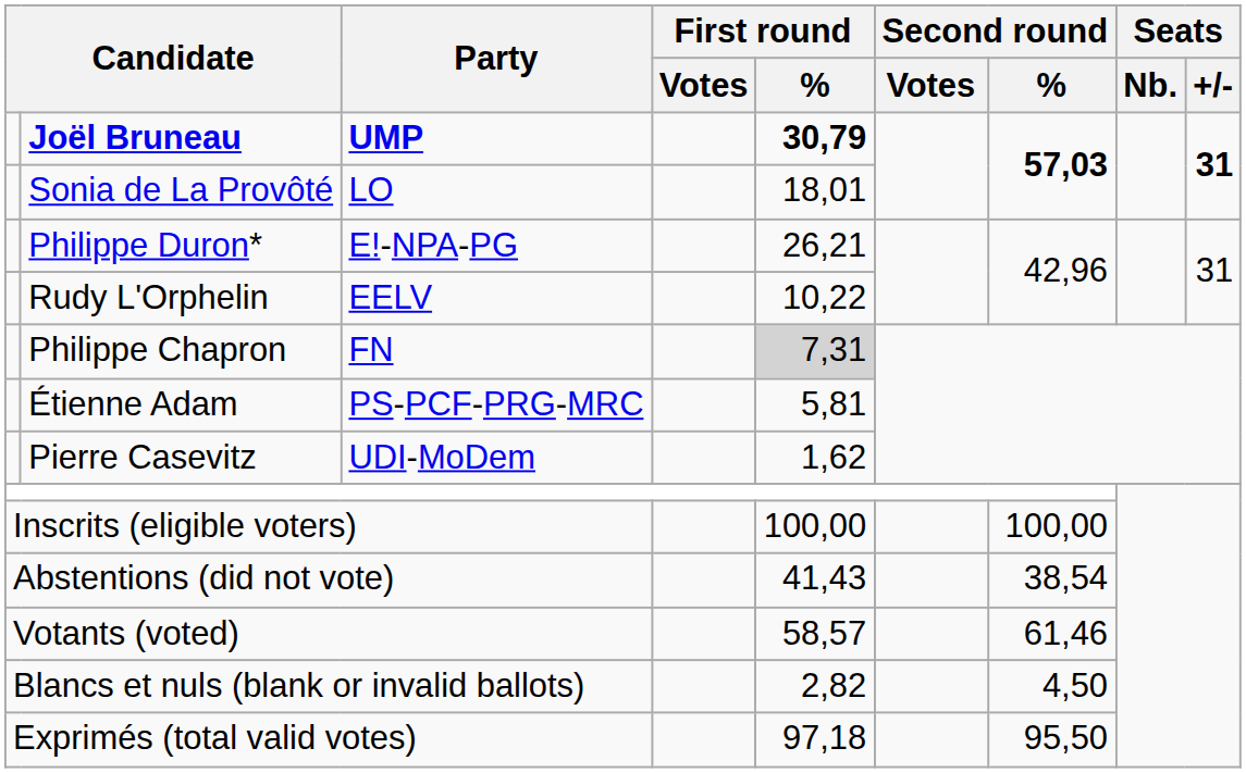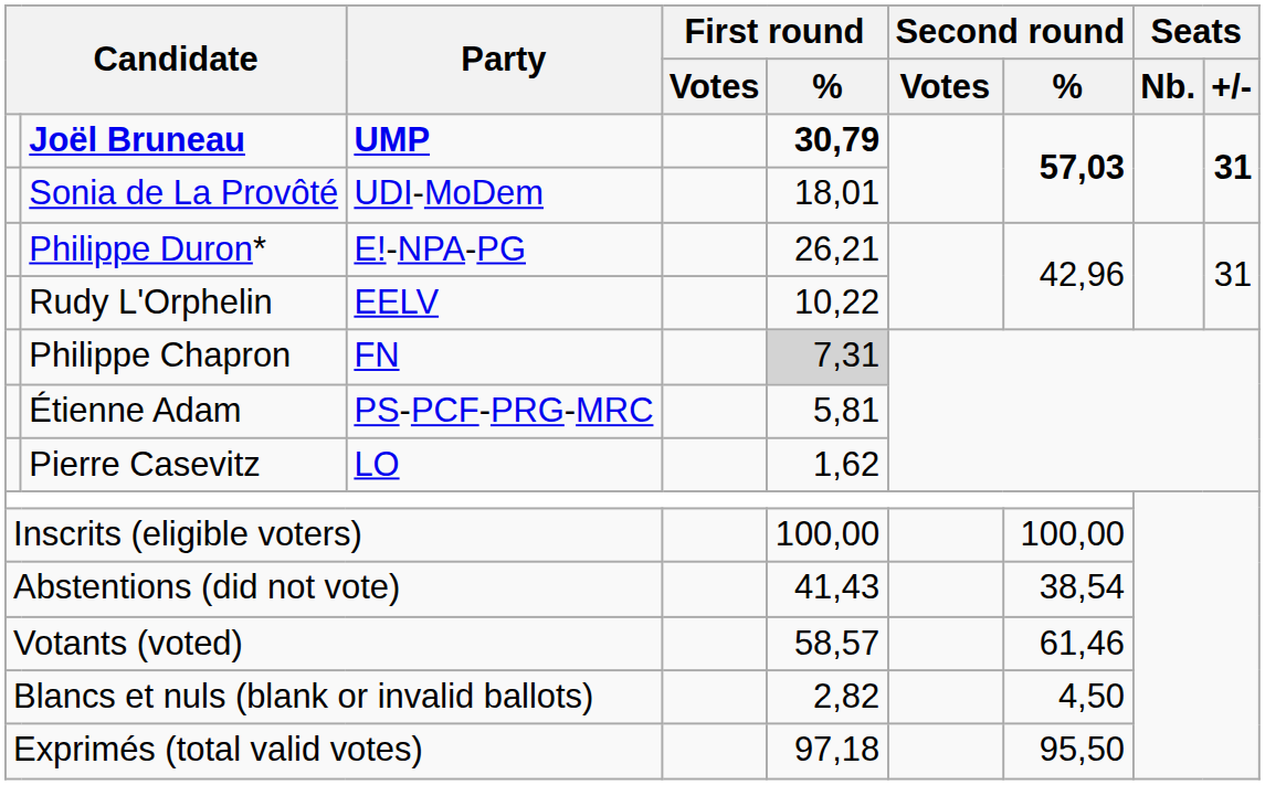 <table class="wikitable centre">
 <tr>
 <th scope="col" rowspan=2 colspan=2>Candidate</th>
 <th scope="col" rowspan=2 colspan=1>Party</th>
 <th scope="col" colspan=2>First round</th>
 <th scope="col" colspan=2>Second round</th>
 <th scope="col" colspan=2>Seats</th>
 </tr>
 <tr>
 <th scope="col">Votes</th>
 <th scope="col">%</th>
 <th scope="col">Votes</th>
 <th scope="col">%</th>
 <th scope="col">Nb.</th>
 <th scope="col">+/-</th>
 </tr>
 <tr>
 <td style="color:inherit;background:"></td>
 <td><strong><a href='#'>Joël Bruneau</a></strong></td>
 <td><strong><a href='#'>UMP</a></strong></td>
 <td style="text-align: right"><strong></strong></td>
 <td style="text-align: right"><strong>30,79</strong></td>
 <td style="text-align: right" rowspan=2><strong></strong></td>
 <td style="text-align: right" rowspan=2><strong>57,03</strong></td>
 <td style="text-align: right" rowspan=2><strong></strong></td>
 <td style="text-align: right" rowspan=2><strong> 31</strong></td>
 </tr>
 <tr>
 <td style="color:inherit;background:"></td>
 <td><a href='#'>Sonia de La Provôté</a></td>
-<td><a href='#'>LO</a></td>
+<td><a href='#'>UDI</a>-<a href='#'>MoDem</a></td>
 <td style="text-align: right"></td>
 <td style="text-align: right">18,01</td>
 </tr>
 <tr>
 <td style="color:inherit;background:"></td>
 <td><a href='#'>Philippe Duron</a>*</td>
 <td><a href='#'>E!</a>-<a href='#'>NPA</a>-<a href='#'>PG</a></td>
 <td style="text-align: right"></td>
 <td style="text-align: right">26,21</td>
 <td style="text-align: right" rowspan=2></td>
 <td style="text-align: right" rowspan=2>42,96</td>
 <td style="text-align: right" rowspan=2></td>
 <td style="text-align: right" rowspan=2> 31</td>
 </tr>
 <tr>
 <td style="color:inherit;background:"></td>
 <td>Rudy L'Orphelin</td>
 <td><a href='#'>EELV</a></td>
 <td style="text-align: right"></td>
 <td style="text-align: right">10,22</td>
 </tr>
 <tr>
 <td style="color:inherit;background:"></td>
 <td>Philippe Chapron</td>
 <td><a href='#'>FN</a></td>
 <td style="text-align: right"></td>
 <td style="background: lightgrey; text-align: right">7,31</td>
 <td colspan=9 rowspan=3></td>
 </tr>
 <tr>
 <td style="color:inherit;background:"></td>
 <td>Étienne Adam</td>
 <td><a href='#'>PS</a>-<a href='#'>PCF</a>-<a href='#'>PRG</a>-<a href='#'>MRC</a></td>
 <td style="text-align: right"></td>
 <td style="text-align: right">5,81</td>
 </tr>
 <tr>
 <td style="color:inherit;background:"></td>
 <td>Pierre Casevitz</td>
-<td><a href='#'>UDI</a>-<a href='#'>MoDem</a></td>
+<td><a href='#'>LO</a></td>
 <td style="text-align: right"></td>
 <td style="text-align: right">1,62</td>
 </tr>
 <tr bgcolor=white>
 <td colspan=7></td>
 </tr>
 <tr>
 <td colspan=3>Inscrits (eligible voters)</td>
 <td style="text-align: right"></td>
 <td style="text-align: right">100,00</td>
 <td style="text-align: right"></td>
 <td style="text-align: right">100,00</td>
 </tr>
 <tr>
 <td colspan=3>Abstentions (did not vote)</td>
 <td style="text-align: right"></td>
 <td style="text-align: right">41,43</td>
 <td style="text-align: right"></td>
 <td style="text-align: right">38,54</td>
 </tr>
 <tr>
 <td colspan=3>Votants (voted)</td>
 <td style="text-align: right"></td>
 <td style="text-align: right">58,57</td>
 <td style="text-align: right"></td>
 <td style="text-align: right">61,46</td>
 </tr>
 <tr>
 <td colspan=3>Blancs et nuls (blank or invalid ballots)</td>
 <td style="text-align: right"></td>
 <td style="text-align: right">2,82</td>
 <td style="text-align: right"></td>
 <td style="text-align: right">4,50</td>
 </tr>
 <tr>
 <td colspan=3>Exprimés (total valid votes)</td>
 <td style="text-align: right"></td>
 <td style="text-align: right">97,18</td>
 <td style="text-align: right"></td>
 <td style="text-align: right">95,50</td>
 </tr>
 </table>
